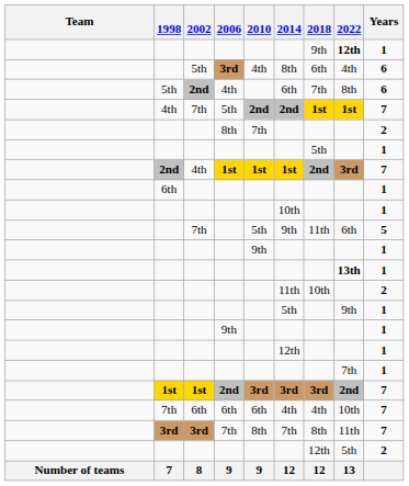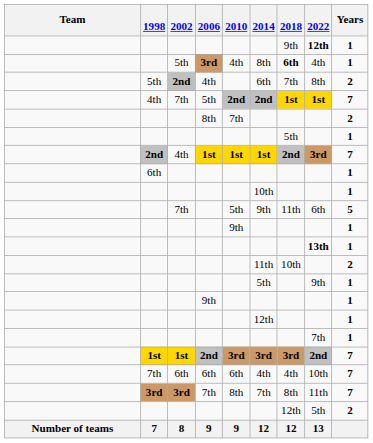 <table class="wikitable" style="text-align:center; font-size:90%">
 <tr>
 <th width=170>Team</th>
 <th width=25><br><a href='#'>1998</a></th>
 <th width=25><br><a href='#'>2002</a></th>
 <th width=25><br><a href='#'>2006</a></th>
 <th width=25><br><a href='#'>2010</a></th>
 <th width=25><br><a href='#'>2014</a></th>
 <th width=25><br><a href='#'>2018</a></th>
 <th width=25><br><a href='#'>2022</a></th>
 <th width=40>Years</th>
 </tr>
 <tr>
 <td align=left></td>
 <td></td>
 <td></td>
 <td></td>
 <td></td>
 <td></td>
 <td>9th</td>
 <td><strong>12th</strong></td>
 <td><strong>1</strong></td>
 </tr>
 <tr>
 <td align=left></td>
 <td></td>
 <td>5th</td>
 <td bgcolor=cc9966><strong>3rd</strong></td>
 <td>4th</td>
 <td>8th</td>
-<td>6th</td>
+<td><strong>6th</strong></td>
 <td>4th</td>
-<td><strong>6</strong></td>
+<td><strong>1</strong></td>
 </tr>
 <tr>
 <td align=left></td>
 <td>5th</td>
 <td bgcolor=silver><strong>2nd</strong></td>
 <td>4th</td>
 <td></td>
 <td>6th</td>
 <td>7th</td>
 <td>8th</td>
-<td><strong>6</strong></td>
+<td><strong>2</strong></td>
 </tr>
 <tr>
 <td align=left></td>
 <td>4th</td>
 <td>7th</td>
 <td>5th</td>
 <td bgcolor=silver><strong>2nd</strong></td>
 <td bgcolor=silver><strong>2nd</strong></td>
 <td bgcolor=gold><strong>1st</strong></td>
 <td bgcolor=gold><strong>1st</strong></td>
 <td><strong>7</strong></td>
 </tr>
 <tr>
 <td align=left></td>
 <td></td>
 <td></td>
 <td>8th</td>
 <td>7th</td>
 <td></td>
 <td></td>
 <td></td>
 <td><strong>2</strong></td>
 </tr>
 <tr>
 <td align=left></td>
 <td></td>
 <td></td>
 <td></td>
 <td></td>
 <td></td>
 <td>5th</td>
 <td></td>
 <td><strong>1</strong></td>
 </tr>
 <tr>
 <td align=left></td>
 <td bgcolor=silver><strong>2nd</strong></td>
 <td>4th</td>
 <td bgcolor=gold><strong>1st</strong></td>
 <td bgcolor=gold><strong>1st</strong></td>
 <td bgcolor=gold><strong>1st</strong></td>
 <td bgcolor=silver><strong>2nd</strong></td>
 <td bgcolor=cc9966><strong>3rd</strong></td>
 <td><strong>7</strong></td>
 </tr>
 <tr>
 <td align=left></td>
 <td>6th</td>
 <td></td>
 <td></td>
 <td></td>
 <td></td>
 <td></td>
 <td></td>
 <td><strong>1</strong></td>
 </tr>
 <tr>
 <td align=left></td>
 <td></td>
 <td></td>
 <td></td>
 <td></td>
 <td>10th</td>
 <td></td>
 <td></td>
 <td><strong>1</strong></td>
 </tr>
 <tr>
 <td align=left></td>
 <td></td>
 <td>7th</td>
 <td></td>
 <td>5th</td>
 <td>9th</td>
 <td>11th</td>
 <td>6th</td>
 <td><strong>5</strong></td>
 </tr>
 <tr>
 <td align=left></td>
 <td></td>
 <td></td>
 <td></td>
 <td>9th</td>
 <td></td>
 <td></td>
 <td></td>
 <td><strong>1</strong></td>
 </tr>
 <tr>
 <td align=left></td>
 <td></td>
 <td></td>
 <td></td>
 <td></td>
 <td></td>
 <td></td>
 <td><strong>13th</strong></td>
 <td><strong>1</strong></td>
 </tr>
 <tr>
 <td align=left></td>
 <td></td>
 <td></td>
 <td></td>
 <td></td>
 <td>11th</td>
 <td>10th</td>
 <td></td>
 <td><strong>2</strong></td>
 </tr>
 <tr>
 <td align=left></td>
 <td></td>
 <td></td>
 <td></td>
 <td></td>
 <td>5th</td>
 <td></td>
 <td>9th</td>
 <td><strong>1</strong></td>
 </tr>
 <tr>
 <td align=left></td>
 <td></td>
 <td></td>
 <td>9th</td>
 <td></td>
 <td></td>
 <td></td>
 <td></td>
 <td><strong>1</strong></td>
 </tr>
 <tr>
 <td align=left></td>
 <td></td>
 <td></td>
 <td></td>
 <td></td>
 <td>12th</td>
 <td></td>
 <td></td>
 <td><strong>1</strong></td>
 </tr>
 <tr>
 <td align=left></td>
 <td></td>
 <td></td>
 <td></td>
 <td></td>
 <td></td>
 <td></td>
 <td>7th</td>
 <td><strong>1</strong></td>
 </tr>
 <tr>
 <td align=left></td>
 <td bgcolor=gold><strong>1st</strong></td>
 <td bgcolor=gold><strong>1st</strong></td>
 <td bgcolor=silver><strong>2nd</strong></td>
 <td bgcolor=cc9966><strong>3rd</strong></td>
 <td bgcolor=cc9966><strong>3rd</strong></td>
 <td bgcolor=cc9966><strong>3rd</strong></td>
 <td bgcolor=silver><strong>2nd</strong></td>
 <td><strong>7</strong></td>
 </tr>
 <tr>
 <td align=left></td>
 <td>7th</td>
 <td>6th</td>
 <td>6th</td>
 <td>6th</td>
 <td>4th</td>
 <td>4th</td>
 <td>10th</td>
 <td><strong>7</strong></td>
 </tr>
 <tr>
 <td align=left></td>
 <td bgcolor=cc9966><strong>3rd</strong></td>
 <td bgcolor=cc9966><strong>3rd</strong></td>
 <td>7th</td>
 <td>8th</td>
 <td>7th</td>
 <td>8th</td>
 <td>11th</td>
 <td><strong>7</strong></td>
 </tr>
 <tr>
 <td align=left></td>
 <td></td>
 <td></td>
 <td></td>
 <td></td>
 <td></td>
 <td>12th</td>
 <td>5th</td>
 <td><strong>2</strong></td>
 </tr>
 <tr>
 <th>Number of teams</th>
 <th>7</th>
 <th>8</th>
 <th>9</th>
 <th>9</th>
 <th>12</th>
 <th>12</th>
 <th>13</th>
 <th></th>
 </tr>
 </table>
